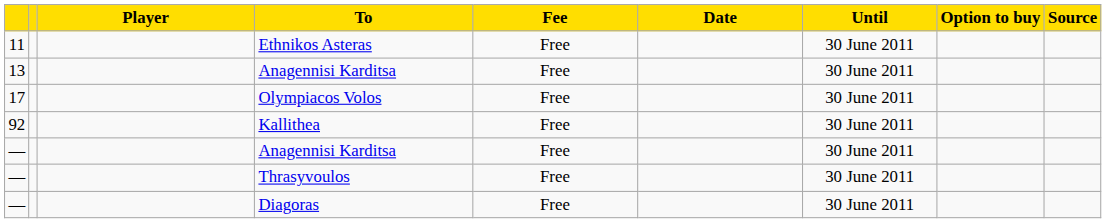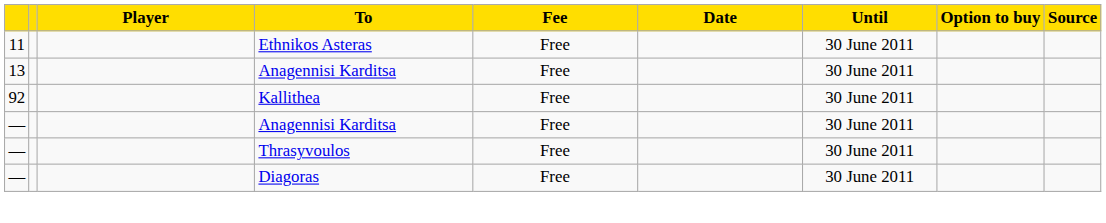 <table class="wikitable sortable">
 <tr>
 <th style="background:#FFDE00"></th>
 <th style="background:#FFDE00"></th>
 <th width=200 style="background:#FFDE00">Player</th>
 <th width=200 style="background:#FFDE00">To</th>
 <th width=150 style="background:#FFDE00">Fee</th>
 <th width=150 style="background:#FFDE00">Date</th>
 <th width=120 style="background:#FFDE00">Until</th>
 <th style="background:#FFDE00">Option to buy</th>
 <th style="background:#FFDE00">Source</th>
 </tr>
 <tr>
 <td align=center>11</td>
 <td align=center></td>
 <td></td>
 <td> <a href='#'>Ethnikos Asteras</a></td>
 <td align=center>Free</td>
 <td align=center></td>
 <td align=center>30 June 2011</td>
 <td align=center></td>
 <td align=center></td>
 </tr>
 <tr>
 <td align=center>13</td>
 <td align=center></td>
 <td></td>
 <td> <a href='#'>Anagennisi Karditsa</a></td>
-<td align=center>Free</td>
-<td align=center></td>
-<td align=center>30 June 2011</td>
-<td align=center></td>
-<td align=center></td>
-</tr>
-<tr>
-<td align=center>17</td>
-<td align=center></td>
-<td></td>
-<td> <a href='#'>Olympiacos Volos</a></td>
 <td align=center>Free</td>
 <td align=center></td>
 <td align=center>30 June 2011</td>
 <td align=center></td>
 <td align=center></td>
 </tr>
 <tr>
 <td align=center>92</td>
 <td align=center></td>
 <td></td>
 <td> <a href='#'>Kallithea</a></td>
 <td align=center>Free</td>
 <td align=center></td>
 <td align=center>30 June 2011</td>
 <td align=center></td>
 <td align=center></td>
 </tr>
 <tr>
 <td align=center>—</td>
 <td align=center></td>
 <td></td>
 <td> <a href='#'>Anagennisi Karditsa</a></td>
 <td align=center>Free</td>
 <td align=center></td>
 <td align=center>30 June 2011</td>
 <td align=center></td>
 <td align=center></td>
 </tr>
 <tr>
 <td align=center>—</td>
 <td align=center></td>
 <td></td>
 <td> <a href='#'>Thrasyvoulos</a></td>
 <td align=center>Free</td>
 <td align=center></td>
 <td align=center>30 June 2011</td>
 <td align=center></td>
 <td align=center></td>
 </tr>
 <tr>
 <td align=center>—</td>
 <td align=center></td>
 <td></td>
 <td> <a href='#'>Diagoras</a></td>
 <td align=center>Free</td>
 <td align=center></td>
 <td align=center>30 June 2011</td>
 <td align=center></td>
 <td align=center></td>
 </tr>
 </table>
